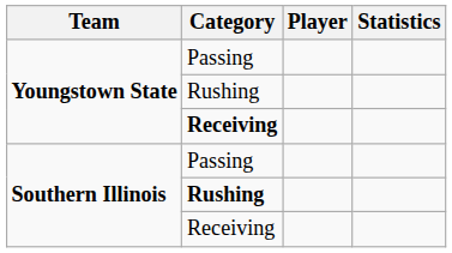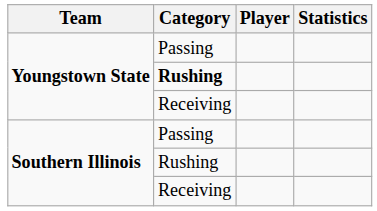 <table class="wikitable" style="float: right;">
 <tr>
 <th>Team</th>
 <th>Category</th>
 <th>Player</th>
 <th>Statistics</th>
 </tr>
 <tr>
 <td rowspan=3><strong>Youngstown State</strong></td>
 <td>Passing</td>
 <td></td>
 <td></td>
 </tr>
 <tr>
-<td>Rushing</td>
+<td><strong>Rushing</strong></td>
 <td></td>
 <td></td>
 </tr>
 <tr>
-<td><strong>Receiving</strong></td>
+<td>Receiving</td>
 <td></td>
 <td></td>
 </tr>
 <tr>
 <td rowspan=3><strong>Southern Illinois</strong></td>
 <td>Passing</td>
 <td></td>
 <td></td>
 </tr>
 <tr>
-<td><strong>Rushing</strong></td>
+<td>Rushing</td>
 <td></td>
 <td></td>
 </tr>
 <tr>
 <td>Receiving</td>
 <td></td>
 <td></td>
 </tr>
 </table>
